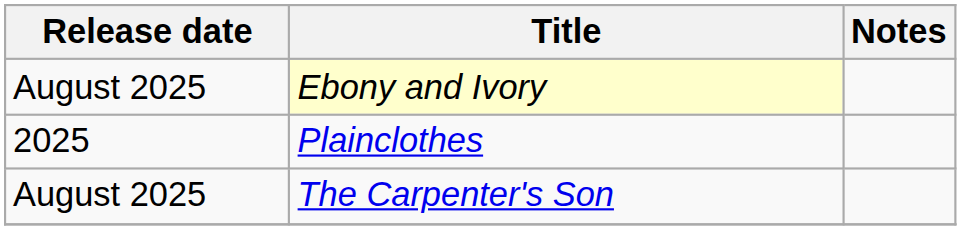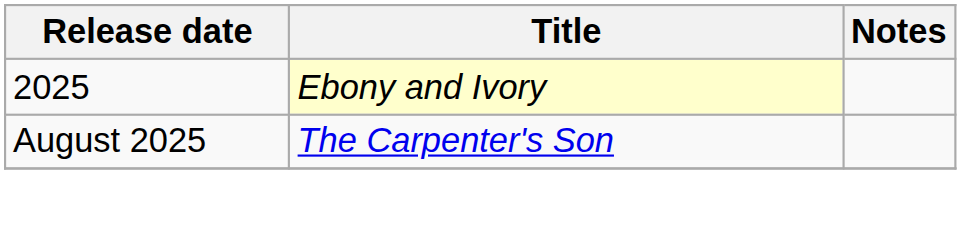 <table class="wikitable sortable">
 <tr>
 <th style="width:125px;">Release date</th>
 <th style="width:250px;">Title</th>
 <th>Notes</th>
 </tr>
 <tr>
-<td>August 2025</td>
+<td>2025</td>
 <td style="background:#ffc;”"><em>Ebony and Ivory</em></td>
-<td></td>
-</tr>
-<tr>
-<td>2025</td>
-<td><em><a href='#'>Plainclothes</a></em></td>
 <td></td>
 </tr>
 <tr>
 <td>August 2025</td>
 <td><em><a href='#'>The Carpenter's Son</a></em></td>
 <td></td>
 </tr>
 <tr>
 </tr>
 </table>
